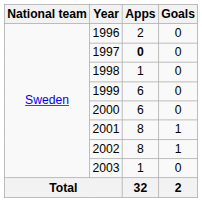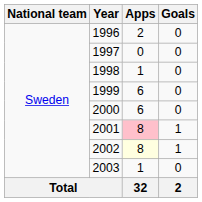 <table class="wikitable" style="text-align:center">
 <tr>
 <th>National team</th>
 <th>Year</th>
 <th>Apps</th>
 <th>Goals</th>
 </tr>
 <tr>
 <td rowspan="8"><a href='#'>Sweden</a></td>
 <td>1996</td>
 <td>2</td>
 <td>0</td>
 </tr>
 <tr>
 <td>1997</td>
-<td><strong>0</strong></td>
+<td>0</td>
 <td>0</td>
 </tr>
 <tr>
 <td>1998</td>
 <td>1</td>
 <td>0</td>
 </tr>
 <tr>
 <td>1999</td>
 <td>6</td>
 <td>0</td>
 </tr>
 <tr>
 <td>2000</td>
 <td>6</td>
 <td>0</td>
 </tr>
 <tr>
 <td>2001</td>
-<td>8</td>
+<td style="background: pink;">8</td>
 <td>1</td>
 </tr>
 <tr>
 <td>2002</td>
-<td>8</td>
+<td style="background: lightyellow;">8</td>
 <td>1</td>
 </tr>
 <tr>
 <td>2003</td>
 <td>1</td>
 <td>0</td>
 </tr>
 <tr>
 <th colspan="2">Total</th>
 <th>32</th>
 <th>2</th>
 </tr>
 </table>
